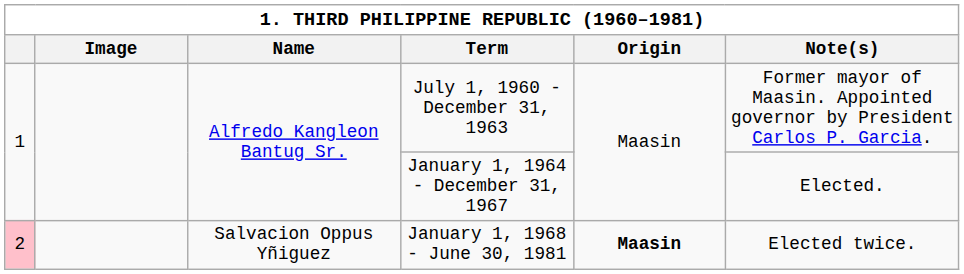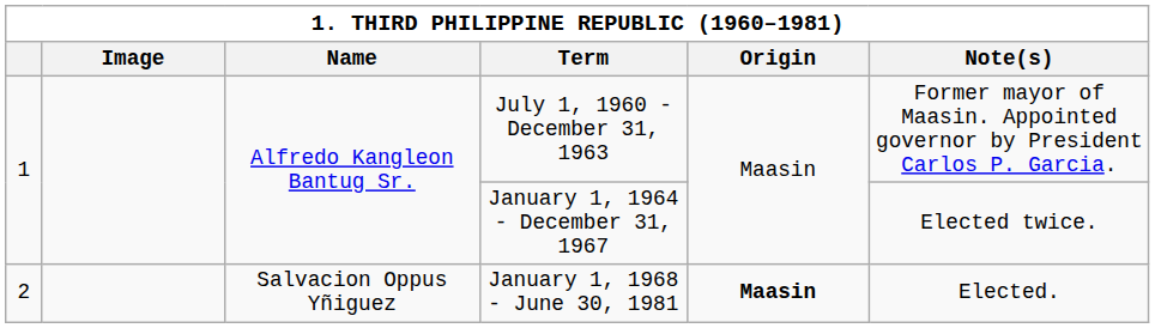 <table class="wikitable collapsible collapsed" style="vertical-align:top;text-align:center;font-size:95%;">
 <tr>
 <th style="background-color:white;font-size:105%;width:51em;" colspan=6>1. THIRD PHILIPPINE REPUBLIC (1960–1981)</th>
 </tr>
 <tr>
 <th style="width: 1em;text-align:center"></th>
 <th style="width: 7em;text-align:center">Image</th>
 <th style="width: 10em;text-align:center">Name</th>
 <th style="width: 8em;text-align:center">Term</th>
 <th style="width: 7em;text-align:center">Origin</th>
 <th style="width: 11em;text-align:center">Note(s)</th>
 </tr>
 <tr>
 <td rowspan=2>1</td>
 <td rowspan=2></td>
 <td rowspan=2><a href='#'>Alfredo Kangleon Bantug Sr.</a></td>
 <td>July 1, 1960 - December 31, 1963</td>
 <td rowspan=2>Maasin</td>
 <td>Former mayor of Maasin. Appointed governor by President <a href='#'>Carlos P. Garcia</a>.</td>
 </tr>
 <tr>
 <td>January 1, 1964 - December 31, 1967</td>
-<td>Elected.</td>
+<td>Elected twice.</td>
 </tr>
 <tr>
-<td style="background: pink;">2</td>
+<td>2</td>
 <td></td>
 <td>Salvacion Oppus Yñiguez</td>
 <td>January 1, 1968 - June 30, 1981</td>
 <td><strong>Maasin</strong></td>
-<td>Elected twice.</td>
+<td>Elected.</td>
 </tr>
 </table>
